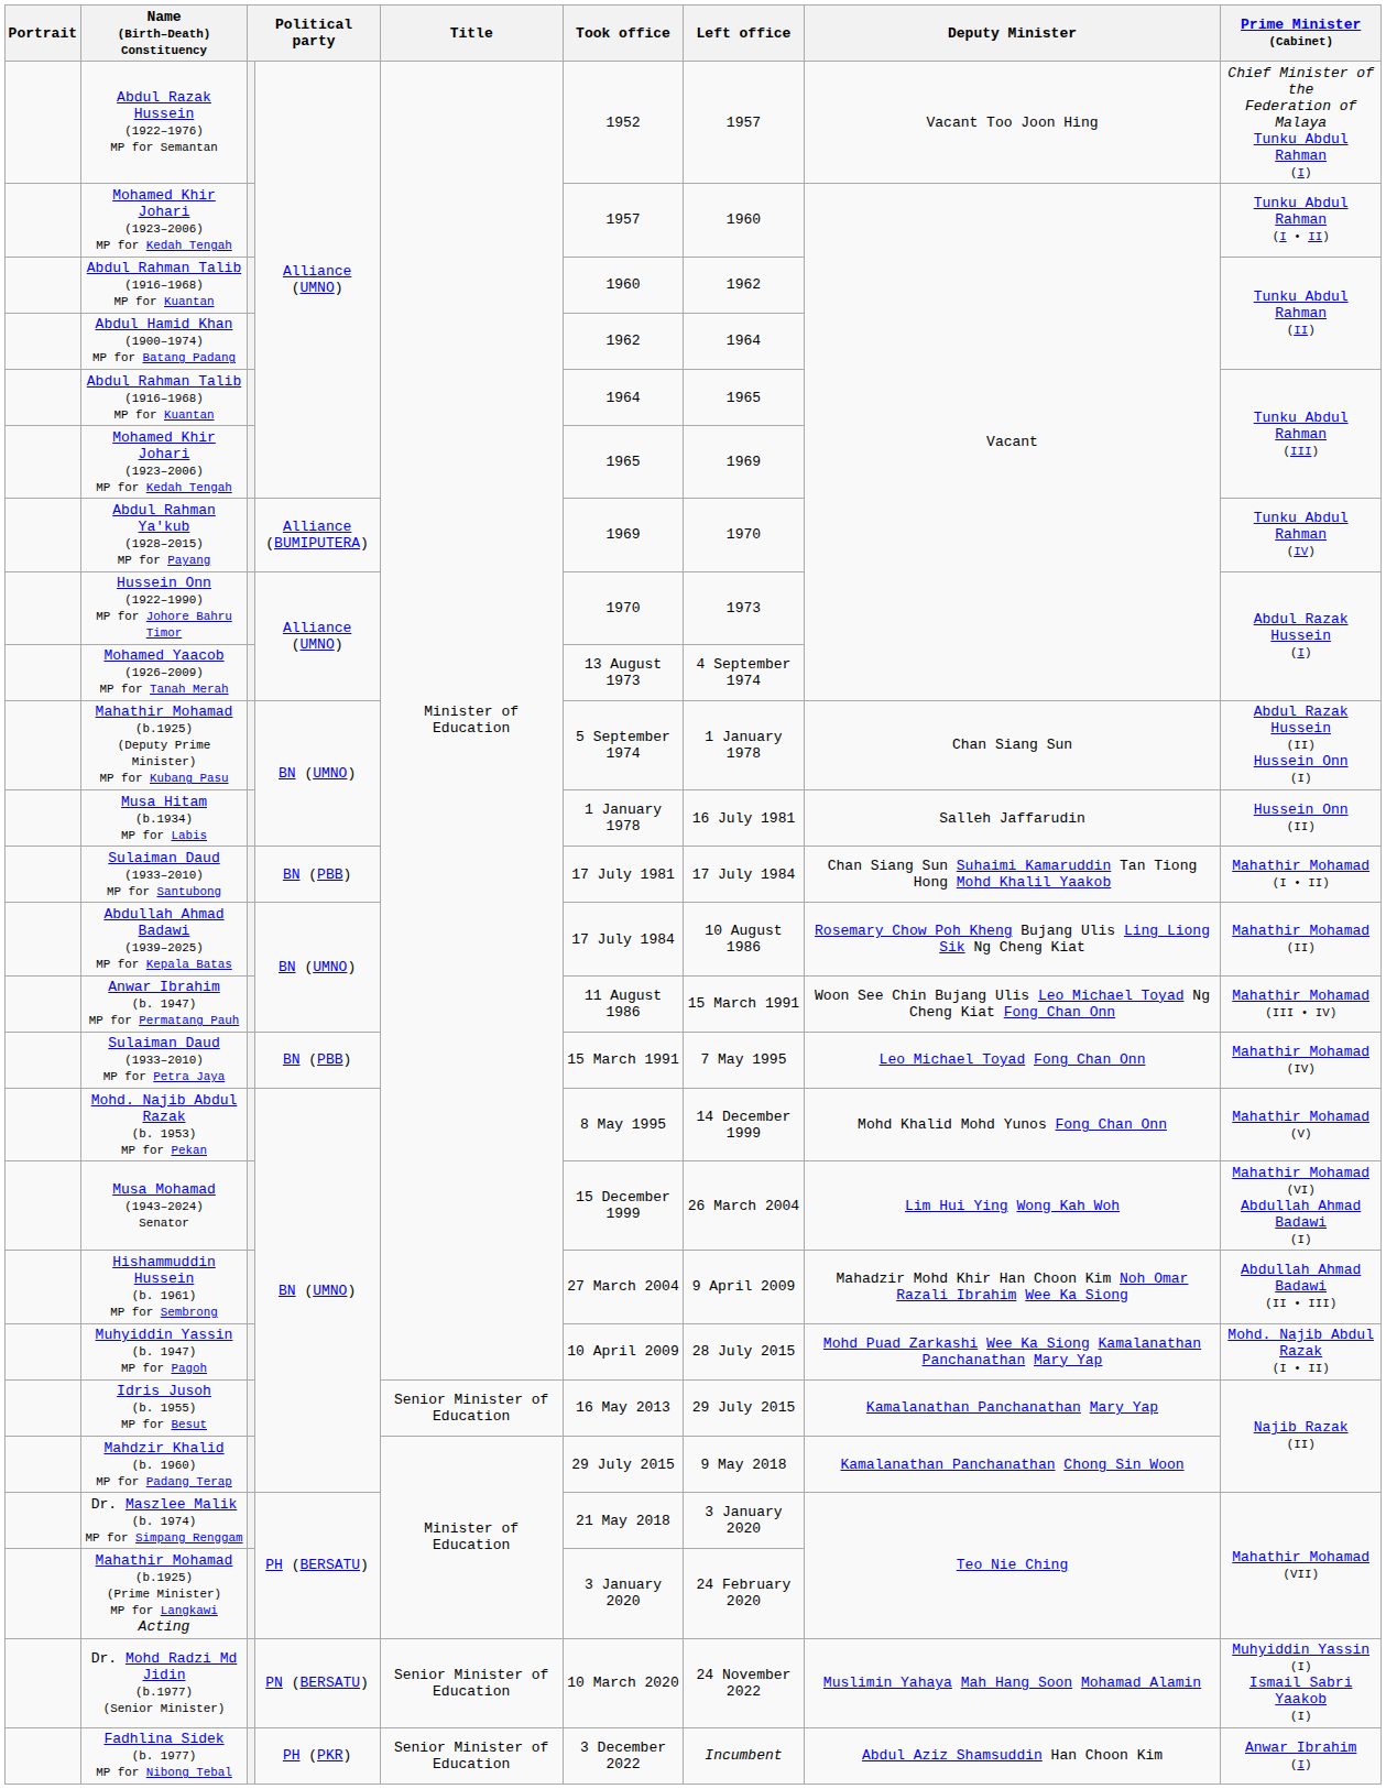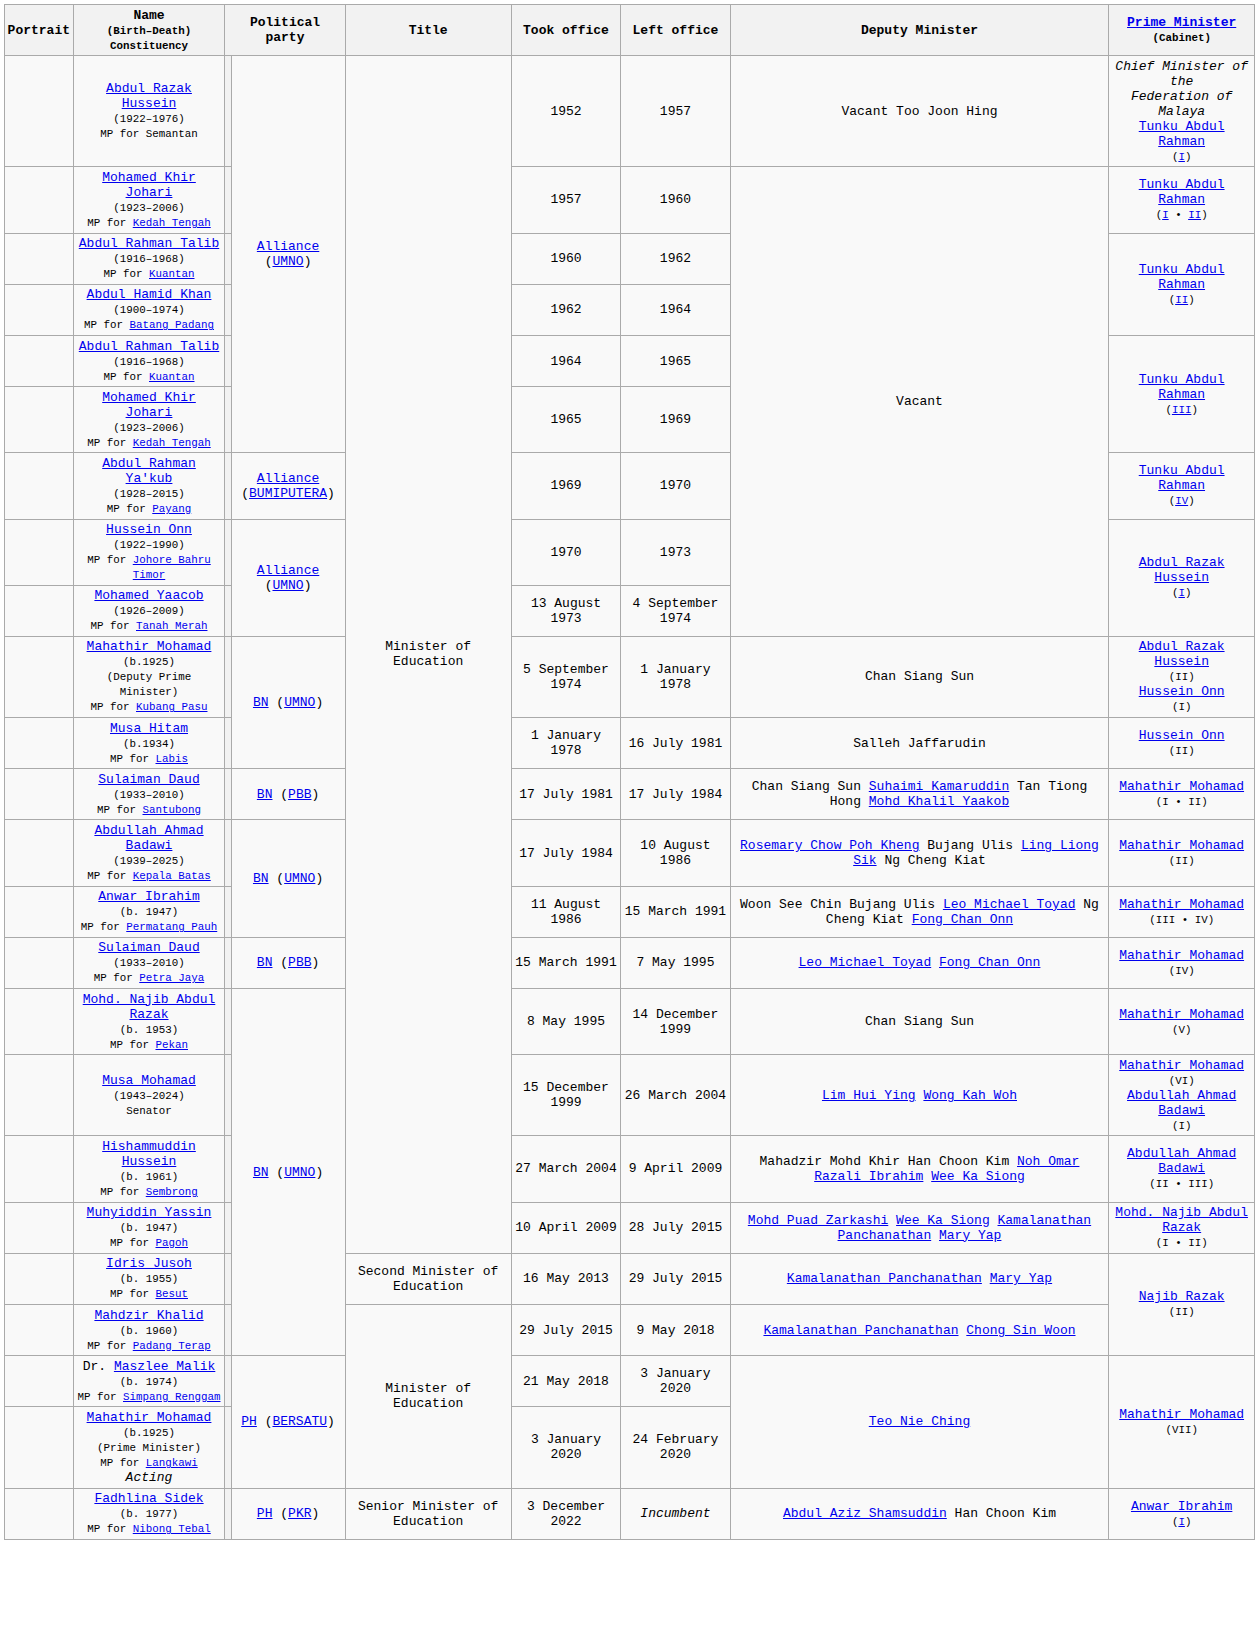 <table class="wikitable" style="text-align:center;">
 <tr>
 <th>Portrait</th>
 <th>Name<br><small>(Birth–Death)<br>Constituency</small></th>
 <th colspan=2>Political party</th>
 <th>Title</th>
 <th>Took office</th>
 <th>Left office</th>
 <th>Deputy Minister</th>
 <th><a href='#'>Prime Minister</a><br><small>(Cabinet)</small></th>
 </tr>
 <tr>
 <td></td>
 <td><a href='#'>Abdul Razak Hussein</a><br><small>(1922–1976)<br>MP for Semantan</small></td>
 <th style="background:"></th>
 <td rowspan=6><a href='#'>Alliance</a> (<a href='#'>UMNO</a>)</td>
 <td rowspan=19>Minister of Education</td>
 <td>1952</td>
 <td>1957</td>
 <td>Vacant  Too Joon Hing </td>
 <td><em>Chief Minister of the<br> Federation of Malaya</em><br><a href='#'>Tunku Abdul Rahman</a><br><small>(<a href='#'>I</a>)</small></td>
 </tr>
 <tr>
 <td></td>
 <td><a href='#'>Mohamed Khir Johari</a><br><small>(1923–2006)<br>MP for <a href='#'>Kedah Tengah</a></small></td>
 <th style="background:"></th>
 <td>1957</td>
 <td>1960</td>
 <td rowspan="8">Vacant</td>
 <td><a href='#'>Tunku Abdul Rahman</a><br><small>(<a href='#'>I</a> • <a href='#'>II</a>)</small></td>
 </tr>
 <tr>
 <td></td>
 <td><a href='#'>Abdul Rahman Talib</a><br><small>(1916–1968)<br>MP for <a href='#'>Kuantan</a></small></td>
 <th style="background:"></th>
 <td>1960</td>
 <td>1962</td>
 <td rowspan=2><a href='#'>Tunku Abdul Rahman</a><br><small>(<a href='#'>II</a>)</small></td>
 </tr>
 <tr>
 <td></td>
 <td><a href='#'>Abdul Hamid Khan</a><br><small>(1900–1974)<br>MP for <a href='#'>Batang Padang</a></small></td>
 <th style="background:"></th>
 <td>1962</td>
 <td>1964</td>
 </tr>
 <tr>
 <td></td>
 <td><a href='#'>Abdul Rahman Talib</a><br><small>(1916–1968)<br>MP for <a href='#'>Kuantan</a></small></td>
 <th style="background:"></th>
 <td>1964</td>
 <td>1965</td>
 <td rowspan=2><a href='#'>Tunku Abdul Rahman</a><br><small>(<a href='#'>III</a>)</small></td>
 </tr>
 <tr>
 <td></td>
 <td><a href='#'>Mohamed Khir Johari</a><br><small>(1923–2006)<br>MP for <a href='#'>Kedah Tengah</a></small></td>
 <th style="background:"></th>
 <td>1965</td>
 <td>1969</td>
 </tr>
 <tr>
 <td></td>
 <td><a href='#'>Abdul Rahman Ya'kub</a><br><small>(1928–2015)<br>MP for <a href='#'>Payang</a></small></td>
 <th style="background:"></th>
 <td><a href='#'>Alliance</a><br> (<a href='#'>BUMIPUTERA</a>)</td>
 <td>1969</td>
 <td>1970</td>
 <td><a href='#'>Tunku Abdul Rahman</a><br><small>(<a href='#'>IV</a>)</small></td>
 </tr>
 <tr>
 <td></td>
 <td><a href='#'>Hussein Onn</a><br><small>(1922–1990)<br>MP for <a href='#'>Johore Bahru Timor</a></small></td>
 <th style="background:"></th>
 <td rowspan=2><a href='#'>Alliance</a> (<a href='#'>UMNO</a>)</td>
 <td>1970</td>
 <td>1973</td>
 <td rowspan=2><a href='#'>Abdul Razak Hussein</a><br><small>(<a href='#'>I</a>)</small></td>
 </tr>
 <tr>
 <td></td>
 <td><a href='#'>Mohamed Yaacob</a><br><small>(1926–2009)<br>MP for <a href='#'>Tanah Merah</a></small></td>
 <th style="background:"></th>
 <td>13 August 1973</td>
 <td>4 September 1974</td>
 </tr>
 <tr>
 <td></td>
 <td><a href='#'>Mahathir Mohamad</a><br><small>(b.1925)<br>(Deputy Prime Minister) <br>MP for <a href='#'>Kubang Pasu</a></small></td>
 <th style="background:"></th>
 <td rowspan=2><a href='#'>BN</a> (<a href='#'>UMNO</a>)</td>
 <td>5 September 1974</td>
 <td>1 January 1978</td>
 <td>Chan Siang Sun</td>
 <td><a href='#'>Abdul Razak Hussein</a><br><small>(II)</small><br><a href='#'>Hussein Onn</a><br><small>(I)</small></td>
 </tr>
 <tr>
 <td></td>
 <td><a href='#'>Musa Hitam</a><br><small>(b.1934)<br>MP for <a href='#'>Labis</a></small></td>
 <th style="background:"></th>
 <td>1 January 1978</td>
 <td>16 July 1981</td>
 <td>Salleh Jaffarudin</td>
 <td><a href='#'>Hussein Onn</a><br><small>(II)</small></td>
 </tr>
 <tr>
 <td></td>
 <td><a href='#'>Sulaiman Daud</a><br><small>(1933–2010)<br>MP for <a href='#'>Santubong</a></small></td>
 <th style="background:"></th>
 <td><a href='#'>BN</a> (<a href='#'>PBB</a>)</td>
 <td>17 July 1981</td>
 <td>17 July 1984</td>
 <td>Chan Siang Sun  <a href='#'>Suhaimi Kamaruddin</a> Tan Tiong Hong  <a href='#'>Mohd Khalil Yaakob</a></td>
 <td><a href='#'>Mahathir Mohamad</a><br><small>(I • II)</small></td>
 </tr>
 <tr>
 <td></td>
 <td><a href='#'>Abdullah Ahmad Badawi</a><br><small>(1939–2025)<br>MP for <a href='#'>Kepala Batas</a></small></td>
 <th style="background:"></th>
 <td rowspan=2><a href='#'>BN</a> (<a href='#'>UMNO</a>)</td>
 <td>17 July 1984</td>
 <td>10 August 1986</td>
 <td><a href='#'>Rosemary Chow Poh Kheng</a>  Bujang Ulis <a href='#'>Ling Liong Sik</a>  Ng Cheng Kiat</td>
 <td><a href='#'>Mahathir Mohamad</a><br><small>(II)</small></td>
 </tr>
 <tr>
 <td></td>
 <td><a href='#'>Anwar Ibrahim</a><br><small>(b. 1947)<br>MP for <a href='#'>Permatang Pauh</a></small></td>
 <th style="background:"></th>
 <td>11 August 1986</td>
 <td>15 March 1991</td>
 <td>Woon See Chin  Bujang Ulis <a href='#'>Leo Michael Toyad</a>  Ng Cheng Kiat <a href='#'>Fong Chan Onn</a> </td>
 <td><a href='#'>Mahathir Mohamad</a><br><small>(III • IV)</small></td>
 </tr>
 <tr>
 <td></td>
 <td><a href='#'>Sulaiman Daud</a><br><small>(1933–2010)<br>MP for <a href='#'>Petra Jaya</a></small></td>
 <th style="background:"></th>
 <td><a href='#'>BN</a> (<a href='#'>PBB</a>)</td>
 <td>15 March 1991</td>
 <td>7 May 1995</td>
 <td><a href='#'>Leo Michael Toyad</a> <a href='#'>Fong Chan Onn</a></td>
 <td><a href='#'>Mahathir Mohamad</a><br><small>(IV)</small></td>
 </tr>
 <tr>
 <td></td>
 <td><a href='#'>Mohd. Najib Abdul Razak</a><br><small>(b. 1953)<br>MP for <a href='#'>Pekan</a></small></td>
 <th style="background:"></th>
 <td rowspan=6><a href='#'>BN</a> (<a href='#'>UMNO</a>)</td>
 <td>8 May 1995</td>
 <td>14 December 1999</td>
-<td>Mohd Khalid Mohd Yunos <a href='#'>Fong Chan Onn</a></td>
+<td>Chan Siang Sun</td>
 <td><a href='#'>Mahathir Mohamad</a><br><small>(V)</small></td>
 </tr>
 <tr>
 <td></td>
 <td><a href='#'>Musa Mohamad</a><br><small>(1943–2024)<br>Senator</small></td>
 <th style="background:"></th>
 <td>15 December 1999</td>
 <td>26 March 2004</td>
 <td><a href='#'>Lim Hui Ying</a>   <a href='#'>Wong Kah Woh</a> </td>
 <td><a href='#'>Mahathir Mohamad</a><br><small>(VI)</small><br><a href='#'>Abdullah Ahmad Badawi</a><br><small>(I)</small></td>
 </tr>
 <tr>
 <td></td>
 <td><a href='#'>Hishammuddin Hussein</a><br><small>(b. 1961)<br>MP for <a href='#'>Sembrong</a></small></td>
 <th style="background:"></th>
 <td>27 March 2004</td>
 <td>9 April 2009</td>
 <td>Mahadzir Mohd Khir   Han Choon Kim  <a href='#'>Noh Omar</a>  <a href='#'>Razali Ibrahim</a>   <a href='#'>Wee Ka Siong</a> </td>
 <td><a href='#'>Abdullah Ahmad Badawi</a><br><small>(II • III)</small></td>
 </tr>
 <tr>
 <td></td>
 <td><a href='#'>Muhyiddin Yassin</a><br><small>(b. 1947)<br>MP for <a href='#'>Pagoh</a></small></td>
 <th style="background:"></th>
 <td>10 April 2009</td>
 <td>28 July 2015</td>
 <td><a href='#'>Mohd Puad Zarkashi</a>   <a href='#'>Wee Ka Siong</a>  <a href='#'>Kamalanathan Panchanathan</a>   <a href='#'>Mary Yap</a> </td>
 <td><a href='#'>Mohd. Najib Abdul Razak</a><br><small>(I • II)</small></td>
 </tr>
 <tr>
 <td></td>
 <td><a href='#'>Idris Jusoh</a><br><small>(b. 1955)<br>MP for <a href='#'>Besut</a></small></td>
 <th style="background:"></th>
-<td>Senior Minister of Education</td>
+<td>Second Minister of Education</td>
 <td>16 May 2013</td>
 <td>29 July 2015</td>
 <td><a href='#'>Kamalanathan Panchanathan</a>   <a href='#'>Mary Yap</a></td>
 <td rowspan="2"><a href='#'>Najib Razak</a><br><small>(II)</small></td>
 </tr>
 <tr>
 <td></td>
 <td><a href='#'>Mahdzir Khalid</a><br><small>(b. 1960)<br>MP for <a href='#'>Padang Terap</a></small></td>
 <th style="background:"></th>
 <td rowspan=3>Minister of Education</td>
 <td>29 July 2015</td>
 <td>9 May 2018</td>
 <td><a href='#'>Kamalanathan Panchanathan</a> <a href='#'>Chong Sin Woon</a></td>
 </tr>
 <tr>
 <td></td>
 <td>Dr. <a href='#'>Maszlee Malik</a><br><small>(b. 1974)<br>MP for <a href='#'>Simpang Renggam</a></small></td>
 <th style="background:"></th>
 <td rowspan=2><a href='#'>PH</a> (<a href='#'>BERSATU</a>)</td>
 <td>21 May 2018</td>
 <td>3 January 2020</td>
 <td rowspan="2"><a href='#'>Teo Nie Ching</a></td>
 <td rowspan="2"><a href='#'>Mahathir Mohamad</a><br><small>(VII)</small></td>
 </tr>
 <tr>
 <td></td>
 <td><a href='#'>Mahathir Mohamad</a><br><small>(b.1925)<br>(Prime Minister)<br>MP for <a href='#'>Langkawi</a></small><br> <em>Acting</em></td>
 <th style="background:"></th>
 <td>3 January 2020</td>
 <td>24 February 2020</td>
 </tr>
 <tr>
 <td></td>
-<td>Dr. <a href='#'>Mohd Radzi Md Jidin</a><br><small>(b.1977)</small><br><small>(Senior Minister)</small><br></td>
-<th style="background:"></th>
-<td><a href='#'>PN</a> (<a href='#'>BERSATU</a>)</td>
-<td>Senior Minister of Education</td>
-<td>10 March 2020</td>
-<td>24 November 2022</td>
-<td><a href='#'>Muslimin Yahaya</a>  <a href='#'>Mah Hang Soon</a>   <a href='#'>Mohamad Alamin</a> </td>
-<td><a href='#'>Muhyiddin Yassin</a><br><small>(I)</small><br><a href='#'>Ismail Sabri Yaakob</a><br><small>(I)</small></td>
-</tr>
-<tr>
-<td></td>
 <td><a href='#'>Fadhlina Sidek</a><br><small>(b. 1977)<br>MP for <a href='#'>Nibong Tebal</a></small></td>
 <th style="background:"></th>
 <td><a href='#'>PH</a> (<a href='#'>PKR</a>)</td>
 <td>Senior Minister of Education</td>
 <td>3 December 2022</td>
 <td><em>Incumbent</em></td>
 <td><a href='#'>Abdul Aziz Shamsuddin</a> Han Choon Kim</td>
 <td><a href='#'>Anwar Ibrahim</a><br><small>(<a href='#'>I</a>)</small></td>
 </tr>
 </table>
